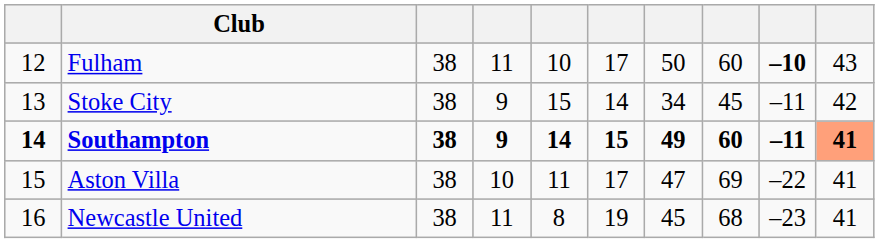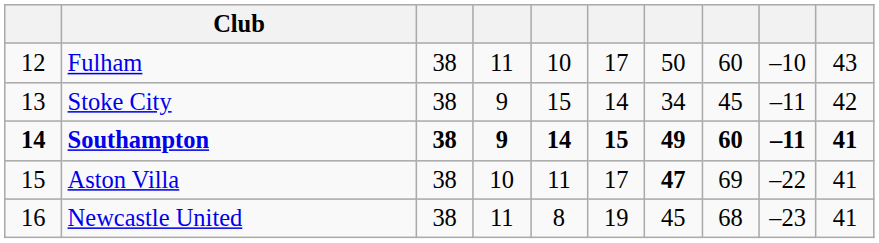 <table class="wikitable" style="text-align:center" width="45%">
 <tr>
 <th width="30"></th>
 <th>Club</th>
 <th width="30"></th>
 <th width="30"></th>
 <th width="30"></th>
 <th width="30"></th>
 <th width="30"></th>
 <th width="30"></th>
 <th width="30"></th>
 <th width="30"></th>
 </tr>
 <tr>
 <td>12</td>
 <td align=left><a href='#'>Fulham</a></td>
 <td>38</td>
 <td>11</td>
 <td>10</td>
 <td>17</td>
 <td>50</td>
 <td>60</td>
-<td><strong>–10</strong></td>
+<td>–10</td>
 <td>43</td>
 </tr>
 <tr>
 <td>13</td>
 <td align=left><a href='#'>Stoke City</a></td>
 <td>38</td>
 <td>9</td>
 <td>15</td>
 <td>14</td>
 <td>34</td>
 <td>45</td>
 <td>–11</td>
 <td>42</td>
 </tr>
 <tr>
 <td><strong>14</strong></td>
 <td align=left><strong><a href='#'>Southampton</a></strong></td>
 <td><strong>38</strong></td>
 <td><strong>9</strong></td>
 <td><strong>14</strong></td>
 <td><strong>15</strong></td>
 <td><strong>49</strong></td>
 <td><strong>60</strong></td>
 <td><strong>–11</strong></td>
-<td style="background: lightsalmon;"><strong>41</strong></td>
+<td><strong>41</strong></td>
 </tr>
 <tr>
 <td>15</td>
 <td align=left><a href='#'>Aston Villa</a></td>
 <td>38</td>
 <td>10</td>
 <td>11</td>
 <td>17</td>
-<td>47</td>
+<td><strong>47</strong></td>
 <td>69</td>
 <td>–22</td>
 <td>41</td>
 </tr>
 <tr>
 <td>16</td>
 <td align=left><a href='#'>Newcastle United</a></td>
 <td>38</td>
 <td>11</td>
 <td>8</td>
 <td>19</td>
 <td>45</td>
 <td>68</td>
 <td>–23</td>
 <td>41</td>
 </tr>
 </table>
